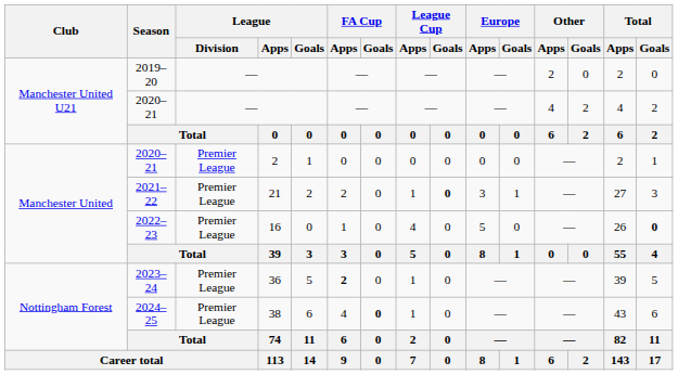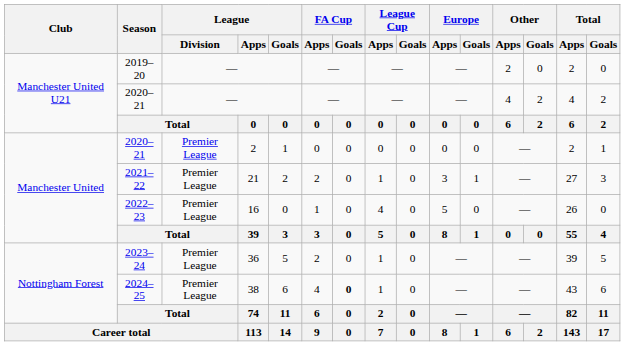 <table class=wikitable style="text-align:center">
 <tr>
 <th rowspan="2">Club</th>
 <th rowspan="2">Season</th>
 <th colspan="3">League</th>
 <th colspan="2"><a href='#'>FA Cup</a></th>
 <th colspan="2"><a href='#'>League Cup</a></th>
 <th colspan="2"><a href='#'>Europe</a></th>
 <th colspan="2">Other</th>
 <th colspan="2">Total</th>
 </tr>
 <tr>
 <th>Division</th>
 <th>Apps</th>
 <th>Goals</th>
 <th>Apps</th>
 <th>Goals</th>
 <th>Apps</th>
 <th>Goals</th>
 <th>Apps</th>
 <th>Goals</th>
 <th>Apps</th>
 <th>Goals</th>
 <th>Apps</th>
 <th>Goals</th>
 </tr>
 <tr>
 <td rowspan="3"><a href='#'>Manchester United U21</a></td>
 <td>2019–20</td>
 <td colspan="3">—</td>
 <td colspan="2">—</td>
 <td colspan="2">—</td>
 <td colspan="2">—</td>
 <td>2</td>
 <td>0</td>
 <td>2</td>
 <td>0</td>
 </tr>
 <tr>
 <td>2020–21</td>
 <td colspan="3">—</td>
 <td colspan="2">—</td>
 <td colspan="2">—</td>
 <td colspan="2">—</td>
 <td>4</td>
 <td>2</td>
 <td>4</td>
 <td>2</td>
 </tr>
 <tr>
 <th colspan="2">Total</th>
 <th>0</th>
 <th>0</th>
 <th>0</th>
 <th>0</th>
 <th>0</th>
 <th>0</th>
 <th>0</th>
 <th>0</th>
 <th>6</th>
 <th>2</th>
 <th>6</th>
 <th>2</th>
 </tr>
 <tr>
 <td rowspan="4"><a href='#'>Manchester United</a></td>
 <td><a href='#'>2020–21</a></td>
 <td><a href='#'>Premier League</a></td>
 <td>2</td>
 <td>1</td>
 <td>0</td>
 <td>0</td>
 <td>0</td>
 <td>0</td>
 <td>0</td>
 <td>0</td>
 <td colspan="2">—</td>
 <td>2</td>
 <td>1</td>
 </tr>
 <tr>
 <td><a href='#'>2021–22</a></td>
 <td>Premier League</td>
 <td>21</td>
 <td>2</td>
 <td>2</td>
 <td>0</td>
 <td>1</td>
-<td><strong>0</strong></td>
+<td>0</td>
 <td>3</td>
 <td>1</td>
 <td colspan="2">—</td>
 <td>27</td>
 <td>3</td>
 </tr>
 <tr>
 <td><a href='#'>2022–23</a></td>
 <td>Premier League</td>
 <td>16</td>
 <td>0</td>
 <td>1</td>
 <td>0</td>
 <td>4</td>
 <td>0</td>
 <td>5</td>
 <td>0</td>
 <td colspan="2">—</td>
 <td>26</td>
-<td><strong>0</strong></td>
+<td>0</td>
 </tr>
 <tr>
 <th colspan="2">Total</th>
 <th>39</th>
 <th>3</th>
 <th>3</th>
 <th>0</th>
 <th>5</th>
 <th>0</th>
 <th>8</th>
 <th>1</th>
 <th>0</th>
 <th>0</th>
 <th>55</th>
 <th>4</th>
 </tr>
 <tr>
 <td rowspan="3"><a href='#'>Nottingham Forest</a></td>
 <td><a href='#'>2023–24</a></td>
 <td>Premier League</td>
 <td>36</td>
 <td>5</td>
-<td><strong>2</strong></td>
+<td>2</td>
 <td>0</td>
 <td>1</td>
 <td>0</td>
 <td colspan="2">—</td>
 <td colspan="2">—</td>
 <td>39</td>
 <td>5</td>
 </tr>
 <tr>
 <td><a href='#'>2024–25</a></td>
 <td>Premier League</td>
 <td>38</td>
 <td>6</td>
 <td>4</td>
 <td><strong>0</strong></td>
 <td>1</td>
 <td>0</td>
 <td colspan="2">—</td>
 <td colspan="2">—</td>
 <td>43</td>
 <td>6</td>
 </tr>
 <tr>
 <th colspan="2">Total</th>
 <th>74</th>
 <th>11</th>
 <th>6</th>
 <th>0</th>
 <th>2</th>
 <th>0</th>
 <th colspan="2">—</th>
 <th colspan="2">—</th>
 <th>82</th>
 <th>11</th>
 </tr>
 <tr>
 <th colspan="3">Career total</th>
 <th>113</th>
 <th>14</th>
 <th>9</th>
 <th>0</th>
 <th>7</th>
 <th>0</th>
 <th>8</th>
 <th>1</th>
 <th>6</th>
 <th>2</th>
 <th>143</th>
 <th>17</th>
 </tr>
 </table>
